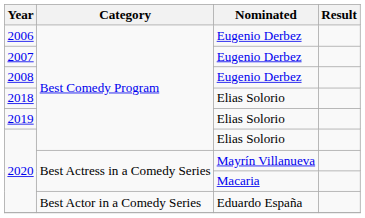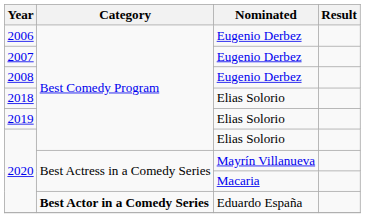 <table class="wikitable plainrowheaders">
 <tr>
 <th scope="col">Year</th>
 <th scope="col">Category</th>
 <th scope="col">Nominated</th>
 <th scope="col">Result</th>
 </tr>
 <tr>
 <td><a href='#'>2006</a></td>
 <td rowspan="6"><a href='#'>Best Comedy Program</a></td>
 <td><a href='#'>Eugenio Derbez</a></td>
 <td></td>
 </tr>
 <tr>
 <td><a href='#'>2007</a></td>
 <td><a href='#'>Eugenio Derbez</a></td>
 <td></td>
 </tr>
 <tr>
 <td><a href='#'>2008</a></td>
 <td><a href='#'>Eugenio Derbez</a></td>
 <td></td>
 </tr>
 <tr>
 <td><a href='#'>2018</a></td>
 <td>Elias Solorio</td>
 <td></td>
 </tr>
 <tr>
 <td><a href='#'>2019</a></td>
 <td>Elias Solorio</td>
 <td></td>
 </tr>
 <tr>
 <td rowspan="4"><a href='#'>2020</a></td>
 <td>Elias Solorio</td>
 <td></td>
 </tr>
 <tr>
 <td rowspan="2">Best Actress in a Comedy Series</td>
 <td><a href='#'>Mayrín Villanueva</a></td>
 <td></td>
 </tr>
 <tr>
 <td><a href='#'>Macaria</a></td>
 <td></td>
 </tr>
 <tr>
-<td>Best Actor in a Comedy Series</td>
+<td><strong>Best Actor in a Comedy Series</strong></td>
 <td>Eduardo España</td>
 <td></td>
 </tr>
 <tr>
 </tr>
 </table>
